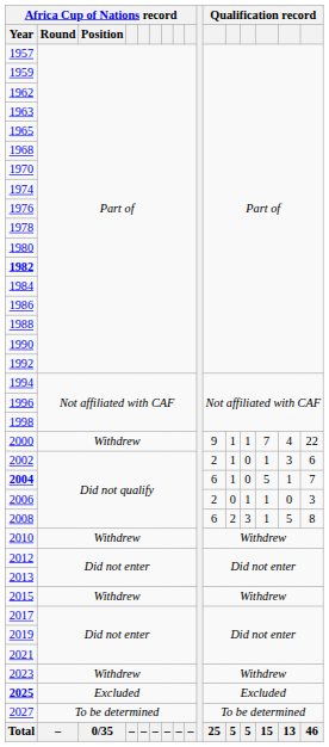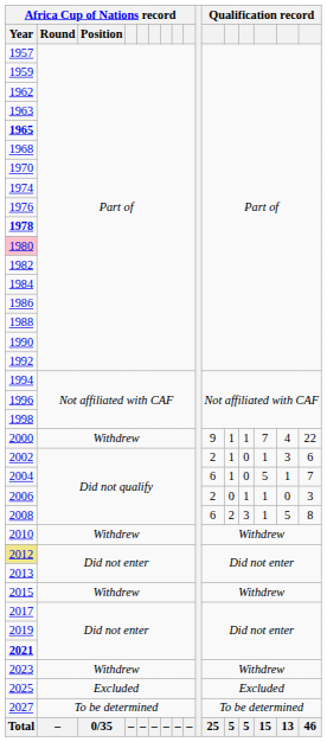 <table class="wikitable" style="text-align: center;">
 <tr>
 <th colspan=9><a href='#'>Africa Cup of Nations</a> record</th>
 <th width="1" rowspan="38"></th>
 <th colspan=6>Qualification record</th>
 </tr>
 <tr>
 <th>Year</th>
 <th>Round</th>
 <th>Position</th>
 <th></th>
 <th></th>
 <th></th>
 <th></th>
 <th></th>
 <th></th>
 <th></th>
 <th></th>
 <th></th>
 <th></th>
 <th></th>
 <th></th>
 </tr>
 <tr>
 <td> <a href='#'>1957</a></td>
 <td colspan=8 rowspan=17><em>Part of </em></td>
 <td colspan=8 rowspan=17><em>Part of </em></td>
 </tr>
 <tr>
 <td> <a href='#'>1959</a></td>
 </tr>
 <tr>
 <td> <a href='#'>1962</a></td>
 </tr>
 <tr>
 <td> <a href='#'>1963</a></td>
 </tr>
 <tr>
-<td> <a href='#'>1965</a></td>
+<td><strong> <a href='#'>1965</a></strong></td>
 </tr>
 <tr>
 <td> <a href='#'>1968</a></td>
 </tr>
 <tr>
 <td> <a href='#'>1970</a></td>
 </tr>
 <tr>
 <td> <a href='#'>1974</a></td>
 </tr>
 <tr>
 <td> <a href='#'>1976</a></td>
 </tr>
 <tr>
-<td> <a href='#'>1978</a></td>
+<td><strong> <a href='#'>1978</a></strong></td>
 </tr>
 <tr>
-<td> <a href='#'>1980</a></td>
+<td style="background: pink;"> <a href='#'>1980</a></td>
 </tr>
 <tr>
-<td><strong> <a href='#'>1982</a></strong></td>
+<td> <a href='#'>1982</a></td>
 </tr>
 <tr>
 <td> <a href='#'>1984</a></td>
 </tr>
 <tr>
 <td> <a href='#'>1986</a></td>
 </tr>
 <tr>
 <td> <a href='#'>1988</a></td>
 </tr>
 <tr>
 <td> <a href='#'>1990</a></td>
 </tr>
 <tr>
 <td> <a href='#'>1992</a></td>
 </tr>
 <tr>
 <td> <a href='#'>1994</a></td>
 <td colspan=8 rowspan=3><em>Not affiliated with CAF</em></td>
 <td colspan=6 rowspan=3><em>Not affiliated with CAF</em></td>
 </tr>
 <tr>
 <td> <a href='#'>1996</a></td>
 </tr>
 <tr>
 <td> <a href='#'>1998</a></td>
 </tr>
 <tr>
 <td>  <a href='#'>2000</a></td>
 <td colspan=8 rowspan=1><em>Withdrew</em></td>
 <td>9</td>
 <td>1</td>
 <td>1</td>
 <td>7</td>
 <td>4</td>
 <td>22</td>
 </tr>
 <tr>
 <td> <a href='#'>2002</a></td>
 <td colspan=8 rowspan=4><em>Did not qualify</em></td>
 <td>2</td>
 <td>1</td>
 <td>0</td>
 <td>1</td>
 <td>3</td>
 <td>6</td>
 </tr>
 <tr>
-<td><strong> <a href='#'>2004</a></strong></td>
+<td> <a href='#'>2004</a></td>
 <td>6</td>
 <td>1</td>
 <td>0</td>
 <td>5</td>
 <td>1</td>
 <td>7</td>
 </tr>
 <tr>
 <td> <a href='#'>2006</a></td>
 <td>2</td>
 <td>0</td>
 <td>1</td>
 <td>1</td>
 <td>0</td>
 <td>3</td>
 </tr>
 <tr>
 <td> <a href='#'>2008</a></td>
 <td>6</td>
 <td>2</td>
 <td>3</td>
 <td>1</td>
 <td>5</td>
 <td>8</td>
 </tr>
 <tr>
 <td> <a href='#'>2010</a></td>
 <td colspan=8><em>Withdrew</em></td>
 <td colspan=6><em>Withdrew</em></td>
 </tr>
 <tr>
-<td>  <a href='#'>2012</a></td>
+<td style="background: khaki;">  <a href='#'>2012</a></td>
 <td colspan=8 rowspan=2><em>Did not enter</em></td>
 <td colspan=6 rowspan=2><em>Did not enter</em></td>
 </tr>
 <tr>
 <td> <a href='#'>2013</a></td>
 </tr>
 <tr>
 <td> <a href='#'>2015</a></td>
 <td colspan=8><em>Withdrew</em></td>
 <td colspan=6><em>Withdrew</em></td>
 </tr>
 <tr>
 <td> <a href='#'>2017</a></td>
 <td colspan=8 rowspan=3><em>Did not enter</em></td>
 <td colspan=6 rowspan=3><em>Did not enter</em></td>
 </tr>
 <tr>
 <td> <a href='#'>2019</a></td>
 </tr>
 <tr>
-<td> <a href='#'>2021</a></td>
+<td><strong> <a href='#'>2021</a></strong></td>
 </tr>
 <tr>
 <td> <a href='#'>2023</a></td>
 <td align=center colspan=8><em>Withdrew</em></td>
 <td colspan=6><em>Withdrew</em></td>
 </tr>
 <tr>
-<td><strong> <a href='#'>2025</a></strong></td>
+<td> <a href='#'>2025</a></td>
 <td colspan=8><em>Excluded</em></td>
 <td colspan=6><em>Excluded</em></td>
 </tr>
 <tr>
 <td>   <a href='#'>2027</a></td>
 <td colspan=8><em>To be determined</em></td>
 <td colspan=6><em>To be determined</em></td>
 </tr>
 <tr>
 <th><strong>Total</strong></th>
 <th><strong>–</strong></th>
 <th><strong>0/35</strong></th>
 <th><strong>–</strong></th>
 <th><strong>–</strong></th>
 <th><strong>–</strong></th>
 <th><strong>–</strong></th>
 <th><strong>–</strong></th>
 <th><strong>–</strong></th>
 <th>25</th>
 <th>5</th>
 <th>5</th>
 <th>15</th>
 <th>13</th>
 <th>46</th>
 </tr>
 </table>
